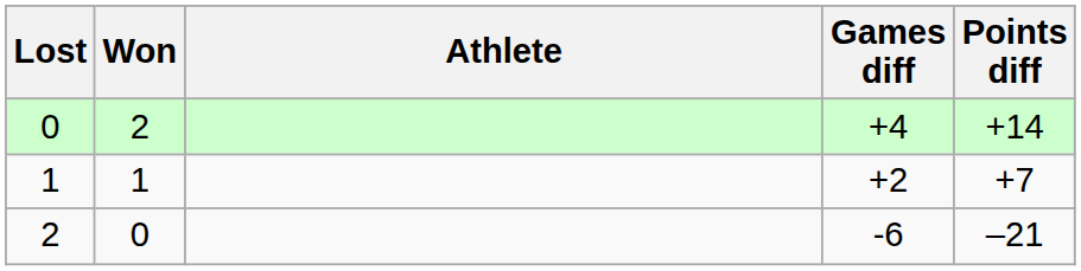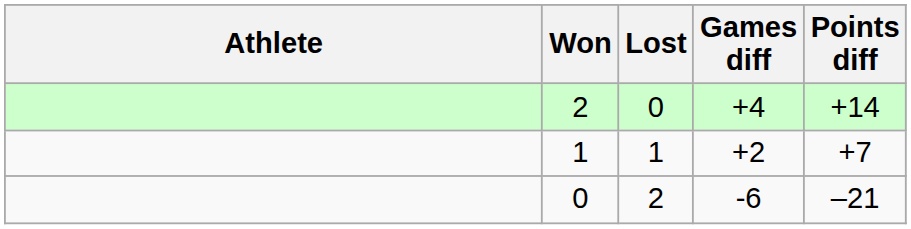 <table class="wikitable">
 <tr>
+<th style="width:18em">Athlete</th>
+<th>Won</th>
 <th>Lost</th>
-<th>Won</th>
-<th style="width:18em">Athlete</th>
 <th>Games<br>diff</th>
 <th>Points<br>diff</th>
 </tr>
 <tr bgcolor="#ccffcc">
+<td></td>
+<td align="center">2</td>
 <td align="center">0</td>
-<td align="center">2</td>
-<td></td>
 <td align="center">+4</td>
 <td align="center">+14</td>
 </tr>
 <tr>
+<td></td>
 <td align="center">1</td>
 <td align="center">1</td>
-<td></td>
 <td align="center">+2</td>
 <td align="center">+7</td>
 </tr>
 <tr>
+<td></td>
+<td align="center">0</td>
 <td align="center">2</td>
-<td align="center">0</td>
-<td></td>
 <td align="center">-6</td>
 <td align="center">–21</td>
 </tr>
 </table>
